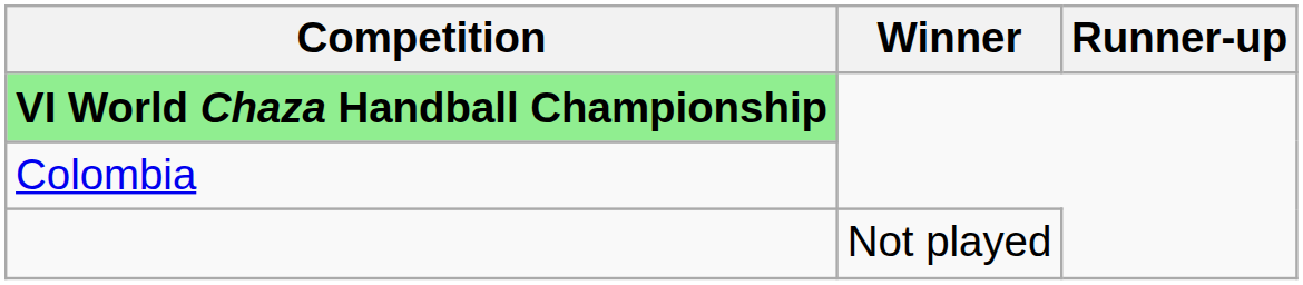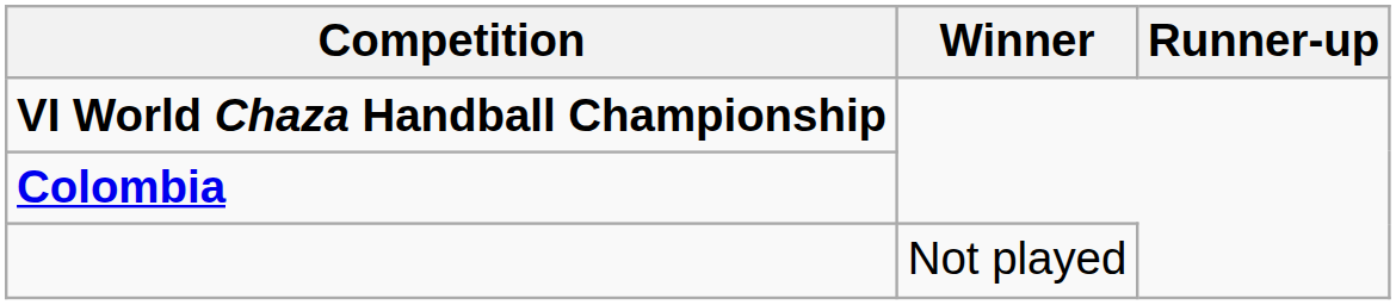 <table class="wikitable">
 <tr>
 <th><strong>Competition</strong></th>
 <th><strong>Winner</strong></th>
 <th><strong>Runner-up</strong></th>
 </tr>
 <tr>
-<td rowspan=1 style="background: lightgreen;"><strong>VI World <em>Chaza</em> Handball Championship</strong></td>
+<td rowspan=1><strong>VI World <em>Chaza</em> Handball Championship</strong></td>
 </tr>
 <tr>
-<td rowspan=1><a href='#'>Colombia</a></td>
+<td rowspan=1><strong><a href='#'>Colombia</a></strong></td>
 </tr>
 <tr>
 <td rowspan=1></td>
 <td>Not played</td>
 </tr>
 </table>
